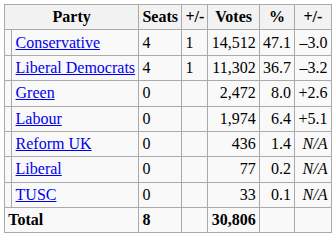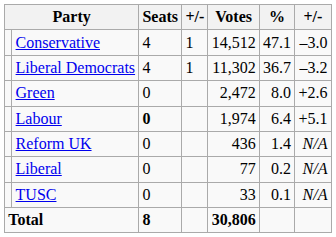 <table class="wikitable sortable">
 <tr>
 <th colspan="2">Party</th>
 <th>Seats</th>
 <th>+/-</th>
 <th>Votes</th>
 <th>%</th>
 <th>+/-</th>
 </tr>
 <tr>
 <td style="background-color: "></td>
 <td><a href='#'>Conservative</a></td>
 <td>4</td>
 <td> 1</td>
 <td style="text-align:right;">14,512</td>
 <td style="text-align:right;">47.1</td>
 <td style="text-align:right;">–3.0</td>
 </tr>
 <tr>
 <td style="background-color: "></td>
 <td><a href='#'>Liberal Democrats</a></td>
 <td>4</td>
 <td> 1</td>
 <td style="text-align:right;">11,302</td>
 <td style="text-align:right;">36.7</td>
 <td style="text-align:right;">–3.2</td>
 </tr>
 <tr>
 <td style="background-color: "></td>
 <td><a href='#'>Green</a></td>
 <td>0</td>
 <td></td>
 <td style="text-align:right;">2,472</td>
 <td style="text-align:right;">8.0</td>
 <td style="text-align:right;">+2.6</td>
 </tr>
 <tr>
 <td style="background-color: "></td>
 <td><a href='#'>Labour</a></td>
-<td>0</td>
+<td><strong>0</strong></td>
 <td></td>
 <td style="text-align:right;">1,974</td>
 <td style="text-align:right;">6.4</td>
 <td style="text-align:right;">+5.1</td>
 </tr>
 <tr>
 <td style="background-color: "></td>
 <td><a href='#'>Reform UK</a></td>
 <td>0</td>
 <td></td>
 <td style="text-align:right;">436</td>
 <td style="text-align:right;">1.4</td>
 <td style="text-align:right;"><em>N/A</em></td>
 </tr>
 <tr>
 <td style="background-color: "></td>
 <td><a href='#'>Liberal</a></td>
 <td>0</td>
 <td></td>
 <td style="text-align:right;">77</td>
 <td style="text-align:right;">0.2</td>
 <td style="text-align:right;"><em>N/A</em></td>
 </tr>
 <tr>
 <td style="background-color: "></td>
 <td><a href='#'>TUSC</a></td>
 <td>0</td>
 <td></td>
 <td style="text-align:right;">33</td>
 <td style="text-align:right;">0.1</td>
 <td style="text-align:right;"><em>N/A</em></td>
 </tr>
 <tr>
 <td colspan="2"><strong>Total</strong></td>
 <td><strong>8</strong></td>
 <td></td>
 <td style="text-align:right;"><strong>30,806</strong></td>
 <td style="text-align:right;"></td>
 <td style="text-align:right;"></td>
 </tr>
 </table>
